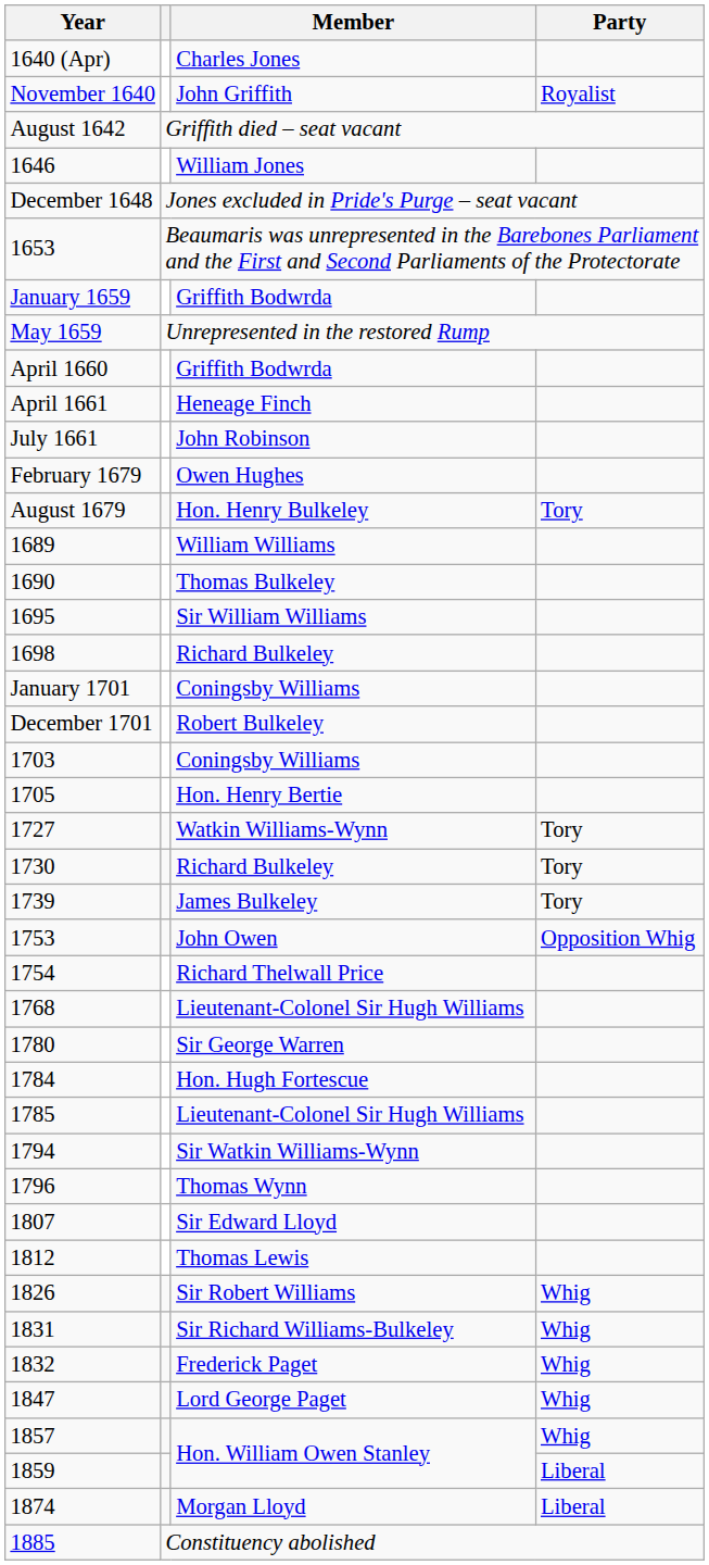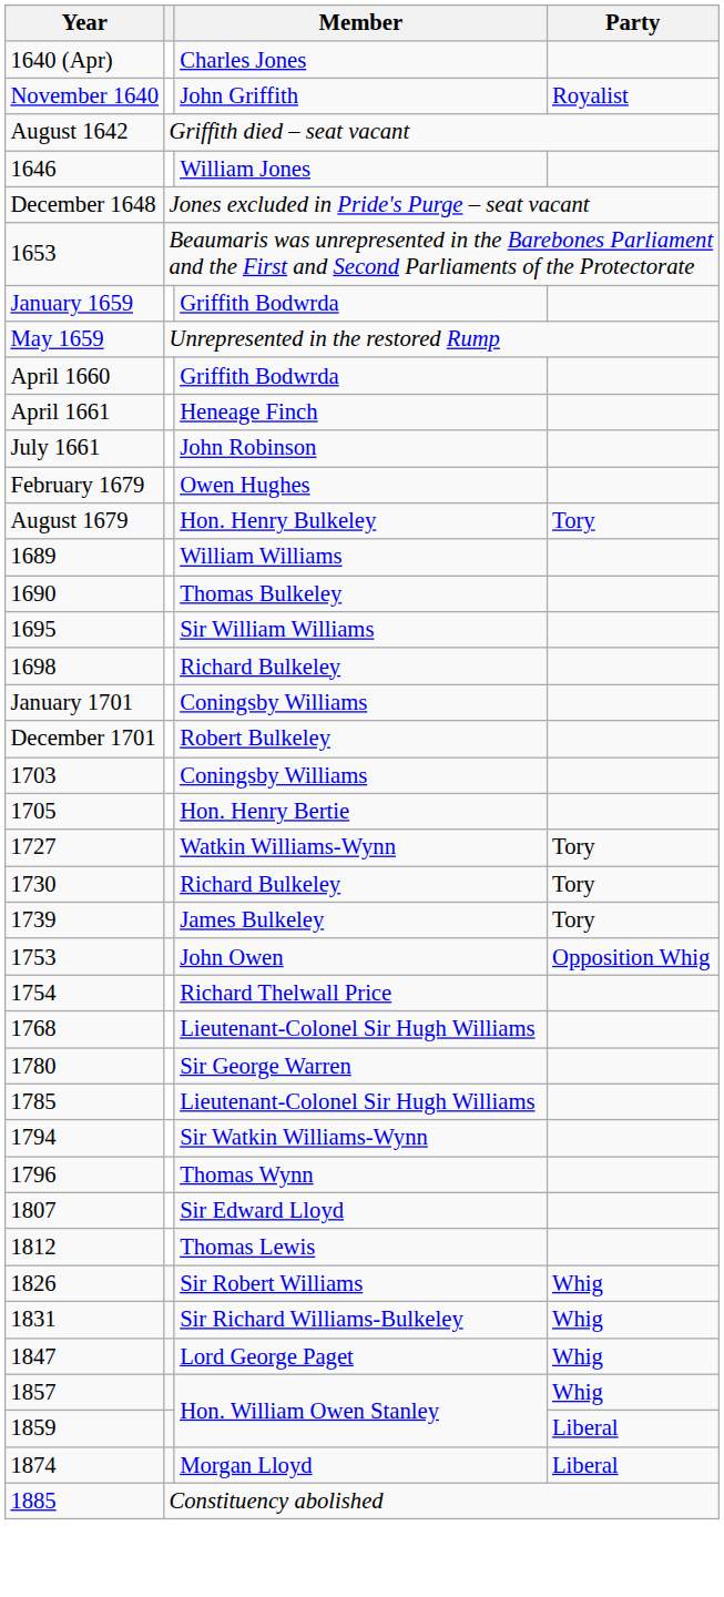 <table class="wikitable">
 <tr>
 <th>Year</th>
 <th></th>
 <th>Member</th>
 <th>Party</th>
 </tr>
 <tr>
 <td>1640 (Apr)</td>
 <td style="color:inherit;background-color: white"></td>
 <td><a href='#'>Charles Jones</a></td>
 <td></td>
 </tr>
 <tr>
 <td><a href='#'>November 1640</a></td>
 <td style="color:inherit;background-color: white"></td>
 <td><a href='#'>John Griffith</a></td>
 <td><a href='#'>Royalist</a></td>
 </tr>
 <tr>
 <td>August 1642</td>
 <td colspan="3"><em>Griffith died – seat vacant</em></td>
 </tr>
 <tr>
 <td>1646</td>
 <td style="color:inherit;background-color: white"></td>
 <td><a href='#'>William Jones</a></td>
 <td></td>
 </tr>
 <tr>
 <td>December 1648</td>
 <td colspan="3"><em>Jones excluded in <a href='#'>Pride's Purge</a> – seat vacant</em></td>
 </tr>
 <tr>
 <td>1653</td>
 <td colspan="3"><em>Beaumaris was unrepresented in the <a href='#'>Barebones Parliament</a><br>and the <a href='#'>First</a> and <a href='#'>Second</a> Parliaments of the Protectorate</em></td>
 </tr>
 <tr>
 <td><a href='#'>January 1659</a></td>
 <td style="color:inherit;background-color: white"></td>
 <td><a href='#'>Griffith Bodwrda</a></td>
 <td></td>
 </tr>
 <tr>
 <td><a href='#'>May 1659</a></td>
 <td colspan="3"><em>Unrepresented in the restored <a href='#'>Rump</a></em></td>
 </tr>
 <tr>
 <td>April 1660</td>
 <td style="color:inherit;background-color: white"></td>
 <td><a href='#'>Griffith Bodwrda</a></td>
 <td></td>
 </tr>
 <tr>
 <td>April 1661</td>
 <td style="color:inherit;background-color: white"></td>
 <td><a href='#'>Heneage Finch</a></td>
 <td></td>
 </tr>
 <tr>
 <td>July 1661</td>
 <td style="color:inherit;background-color: white"></td>
 <td><a href='#'>John Robinson</a></td>
 <td></td>
 </tr>
 <tr>
 <td>February 1679</td>
 <td style="color:inherit;background-color: white"></td>
 <td><a href='#'>Owen Hughes</a></td>
 <td></td>
 </tr>
 <tr>
 <td>August 1679</td>
 <td style="color:inherit;background-color: "></td>
 <td><a href='#'>Hon. Henry Bulkeley</a></td>
 <td><a href='#'>Tory</a></td>
 </tr>
 <tr>
 <td>1689</td>
 <td style="color:inherit;background-color: white"></td>
 <td><a href='#'>William Williams</a></td>
 <td></td>
 </tr>
 <tr>
 <td>1690</td>
 <td style="color:inherit;background-color: white"></td>
 <td><a href='#'>Thomas Bulkeley</a></td>
 <td></td>
 </tr>
 <tr>
 <td>1695</td>
 <td style="color:inherit;background-color: white"></td>
 <td><a href='#'>Sir William Williams</a></td>
 <td></td>
 </tr>
 <tr>
 <td>1698</td>
 <td style="color:inherit;background-color: white"></td>
 <td><a href='#'>Richard Bulkeley</a></td>
 <td></td>
 </tr>
 <tr>
 <td>January 1701</td>
 <td style="color:inherit;background-color: white"></td>
 <td><a href='#'>Coningsby Williams</a></td>
 <td></td>
 </tr>
 <tr>
 <td>December 1701</td>
 <td style="color:inherit;background-color: white"></td>
 <td><a href='#'>Robert Bulkeley</a></td>
 <td></td>
 </tr>
 <tr>
 <td>1703</td>
 <td style="color:inherit;background-color: white"></td>
 <td><a href='#'>Coningsby Williams</a></td>
 <td></td>
 </tr>
 <tr>
 <td>1705</td>
 <td style="color:inherit;background-color: white"></td>
 <td><a href='#'>Hon. Henry Bertie</a></td>
 <td></td>
 </tr>
 <tr>
 <td>1727</td>
 <td style="color:inherit;background-color: "></td>
 <td><a href='#'>Watkin Williams-Wynn</a></td>
 <td>Tory</td>
 </tr>
 <tr>
 <td>1730</td>
 <td style="color:inherit;background-color: "></td>
 <td><a href='#'>Richard Bulkeley</a></td>
 <td>Tory</td>
 </tr>
 <tr>
 <td>1739</td>
 <td style="color:inherit;background-color: "></td>
 <td><a href='#'>James Bulkeley</a></td>
 <td>Tory</td>
 </tr>
 <tr>
 <td>1753</td>
 <td style="color:inherit;background-color: "></td>
 <td><a href='#'>John Owen</a></td>
 <td><a href='#'>Opposition Whig</a></td>
 </tr>
 <tr>
 <td>1754</td>
 <td style="color:inherit;background-color: white"></td>
 <td><a href='#'>Richard Thelwall Price</a></td>
 <td></td>
 </tr>
 <tr>
 <td>1768</td>
 <td style="color:inherit;background-color: white"></td>
 <td><a href='#'>Lieutenant-Colonel Sir Hugh Williams</a></td>
 <td></td>
 </tr>
 <tr>
 <td>1780</td>
 <td style="color:inherit;background-color: white"></td>
 <td><a href='#'>Sir George Warren</a></td>
 <td></td>
 </tr>
 <tr>
-<td>1784</td>
-<td style="color:inherit;background-color: white"></td>
-<td><a href='#'>Hon. Hugh Fortescue</a></td>
-<td></td>
-</tr>
-<tr>
 <td>1785</td>
 <td style="color:inherit;background-color: white"></td>
 <td><a href='#'>Lieutenant-Colonel Sir Hugh Williams</a></td>
 <td></td>
 </tr>
 <tr>
 <td>1794</td>
 <td style="color:inherit;background-color: white"></td>
 <td><a href='#'>Sir Watkin Williams-Wynn</a></td>
 <td></td>
 </tr>
 <tr>
 <td>1796</td>
 <td style="color:inherit;background-color: white"></td>
 <td><a href='#'>Thomas Wynn</a></td>
 <td></td>
 </tr>
 <tr>
 <td>1807</td>
 <td style="color:inherit;background-color: white"></td>
 <td><a href='#'>Sir Edward Lloyd</a></td>
 <td></td>
 </tr>
 <tr>
 <td>1812</td>
 <td style="color:inherit;background-color: white"></td>
 <td><a href='#'>Thomas Lewis</a></td>
 <td></td>
 </tr>
 <tr>
 <td>1826</td>
 <td style="color:inherit;background-color: "></td>
 <td><a href='#'>Sir Robert Williams</a></td>
 <td><a href='#'>Whig</a></td>
 </tr>
 <tr>
 <td>1831</td>
 <td style="color:inherit;background-color: "></td>
 <td><a href='#'>Sir Richard Williams-Bulkeley</a></td>
 <td><a href='#'>Whig</a></td>
 </tr>
 <tr>
-<td>1832</td>
-<td style="color:inherit;background-color: "></td>
-<td><a href='#'>Frederick Paget</a></td>
-<td><a href='#'>Whig</a></td>
-</tr>
-<tr>
 <td>1847</td>
 <td style="color:inherit;background-color: "></td>
 <td><a href='#'>Lord George Paget</a></td>
 <td><a href='#'>Whig</a></td>
 </tr>
 <tr>
 <td>1857</td>
 <td style="color:inherit;background-color: "></td>
 <td rowspan="2"><a href='#'>Hon. William Owen Stanley</a></td>
 <td><a href='#'>Whig</a></td>
 </tr>
 <tr>
 <td>1859</td>
 <td style="color:inherit;background-color: "></td>
 <td><a href='#'>Liberal</a></td>
 </tr>
 <tr>
 <td>1874</td>
 <td style="color:inherit;background-color: "></td>
 <td><a href='#'>Morgan Lloyd</a></td>
 <td><a href='#'>Liberal</a></td>
 </tr>
 <tr>
 <td><a href='#'>1885</a></td>
 <td colspan="3"><em>Constituency abolished</em></td>
 </tr>
 </table>
